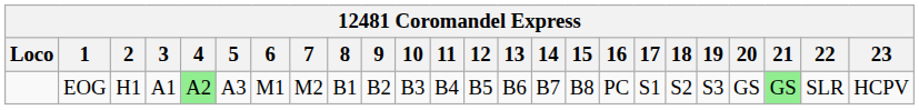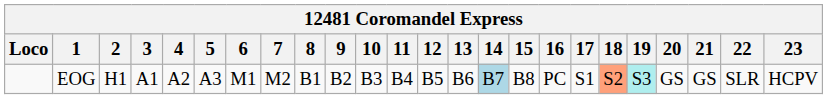 <table class="wikitable">
 <tr>
 <th colspan="24">12481 Coromandel Express</th>
 </tr>
 <tr>
 <th rowspan="1">Loco</th>
 <th rowspan="1">1</th>
 <th rowspan="1">2</th>
 <th rowspan="1">3</th>
 <th rowspan="1">4</th>
 <th>5</th>
 <th rowspan="1">6</th>
 <th rowspan="1">7</th>
 <th rowspan="1">8</th>
 <th rowspan="1">9</th>
 <th rowspan="1">10</th>
 <th rowspan="1">11</th>
 <th rowspan="1">12</th>
 <th rowspan="1">13</th>
 <th rowspan="1">14</th>
 <th rowspan="1">15</th>
 <th rowspan="1">16</th>
 <th rowspan="1">17</th>
 <th rowspan="1">18</th>
 <th rowspan="1">19</th>
 <th rowspan="1">20</th>
 <th>21</th>
 <th rowspan="1">22</th>
 <th>23</th>
 </tr>
 <tr>
 <td></td>
 <td>EOG</td>
 <td>H1</td>
 <td>A1</td>
-<td style="background: lightgreen;">A2</td>
+<td>A2</td>
 <td>A3</td>
 <td>M1</td>
 <td>M2</td>
 <td>B1</td>
 <td>B2</td>
 <td>B3</td>
 <td>B4</td>
 <td>B5</td>
 <td>B6</td>
-<td>B7</td>
+<td style="background: lightblue;">B7</td>
 <td>B8</td>
 <td>PC</td>
 <td>S1</td>
-<td>S2</td>
-<td>S3</td>
+<td style="background: lightsalmon;">S2</td>
+<td style="background: paleturquoise;">S3</td>
 <td>GS</td>
-<td style="background: lightgreen;">GS</td>
+<td>GS</td>
 <td>SLR</td>
 <td>HCPV</td>
 </tr>
 </table>
